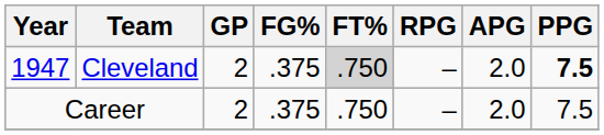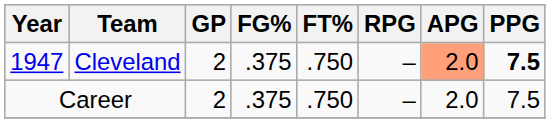 <table class="wikitable sortable" style="font-size:95%; text-align:right;">
 <tr>
 <th>Year</th>
 <th>Team</th>
 <th>GP</th>
 <th>FG%</th>
 <th>FT%</th>
 <th>RPG</th>
 <th>APG</th>
 <th>PPG</th>
 </tr>
 <tr>
 <td style="text-align:left;"><a href='#'>1947</a></td>
 <td style="text-align:left;"><a href='#'>Cleveland</a></td>
 <td>2</td>
 <td>.375</td>
-<td style="background: lightgrey;">.750</td>
+<td>.750</td>
 <td>–</td>
-<td>2.0</td>
+<td style="background: lightsalmon;">2.0</td>
 <td><strong>7.5</strong></td>
 </tr>
 <tr>
 <td style="text-align:center;" colspan="2">Career</td>
 <td>2</td>
 <td>.375</td>
 <td>.750</td>
 <td>–</td>
 <td>2.0</td>
 <td>7.5</td>
 </tr>
 <tr>
 </tr>
 </table>
